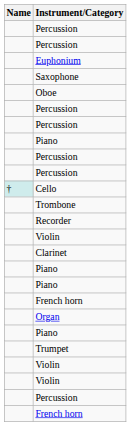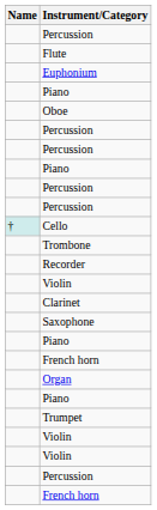 <table class="wikitable sortable" style="font-size: 95%">
 <tr>
 <th>Name</th>
 <th>Instrument/Category</th>
 </tr>
 <tr>
 <td></td>
 <td>Percussion</td>
 </tr>
 <tr>
 <td></td>
-<td>Percussion</td>
+<td>Flute</td>
 </tr>
 <tr>
 <td><strong></strong></td>
 <td><a href='#'>Euphonium</a></td>
 </tr>
 <tr>
 <td></td>
-<td>Saxophone</td>
+<td>Piano</td>
 </tr>
 <tr>
 <td><strong></strong></td>
 <td>Oboe</td>
 </tr>
 <tr>
 <td></td>
 <td>Percussion</td>
 </tr>
 <tr>
 <td></td>
 <td>Percussion</td>
 </tr>
 <tr>
 <td></td>
 <td>Piano</td>
 </tr>
 <tr>
 <td><strong></strong></td>
 <td>Percussion</td>
 </tr>
 <tr>
 <td></td>
 <td>Percussion</td>
 </tr>
 <tr>
 <td bgcolor="#CFECEC"><strong></strong>†</td>
 <td>Cello</td>
 </tr>
 <tr>
 <td></td>
 <td>Trombone</td>
 </tr>
 <tr>
 <td></td>
 <td>Recorder</td>
 </tr>
 <tr>
 <td></td>
 <td>Violin</td>
 </tr>
 <tr>
 <td></td>
 <td>Clarinet</td>
 </tr>
 <tr>
 <td></td>
-<td>Piano</td>
+<td>Saxophone</td>
 </tr>
 <tr>
 <td></td>
 <td>Piano</td>
 </tr>
 <tr>
 <td></td>
 <td>French horn</td>
 </tr>
 <tr>
 <td><strong></strong></td>
 <td><a href='#'>Organ</a></td>
 </tr>
 <tr>
 <td></td>
 <td>Piano</td>
 </tr>
 <tr>
 <td></td>
 <td>Trumpet</td>
 </tr>
 <tr>
 <td></td>
 <td>Violin</td>
 </tr>
 <tr>
 <td></td>
 <td>Violin</td>
 </tr>
 <tr>
 <td></td>
 <td>Percussion</td>
 </tr>
 <tr>
 <td></td>
 <td><a href='#'>French horn</a></td>
 </tr>
 </table>
